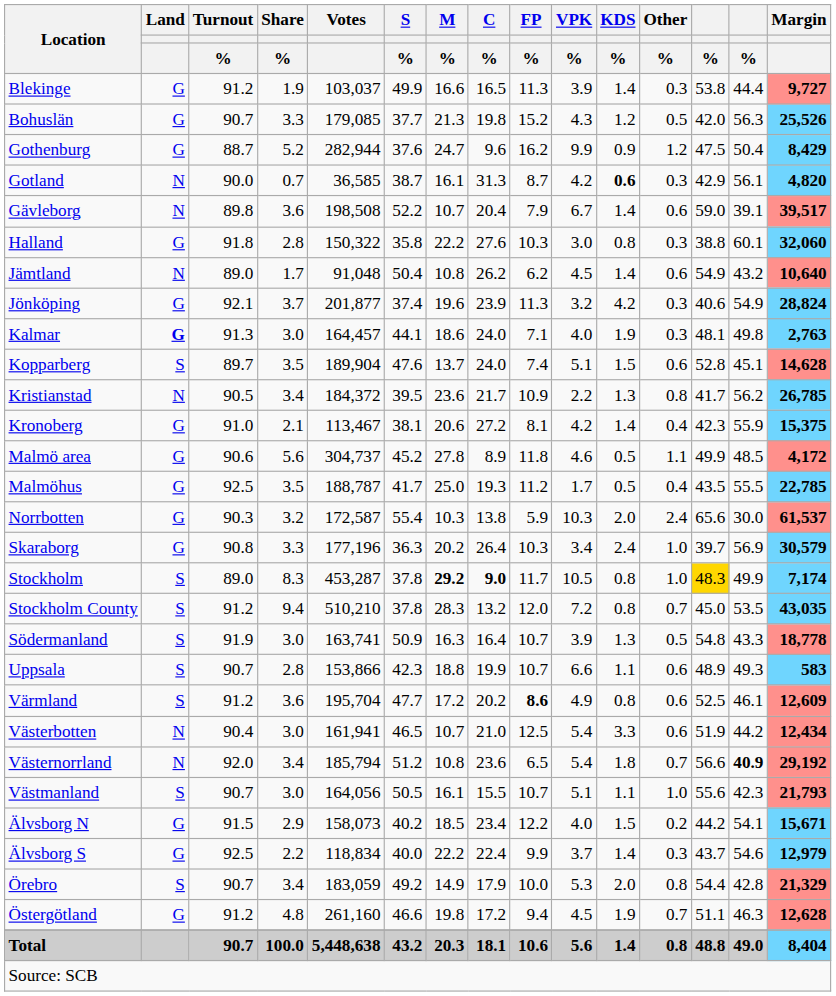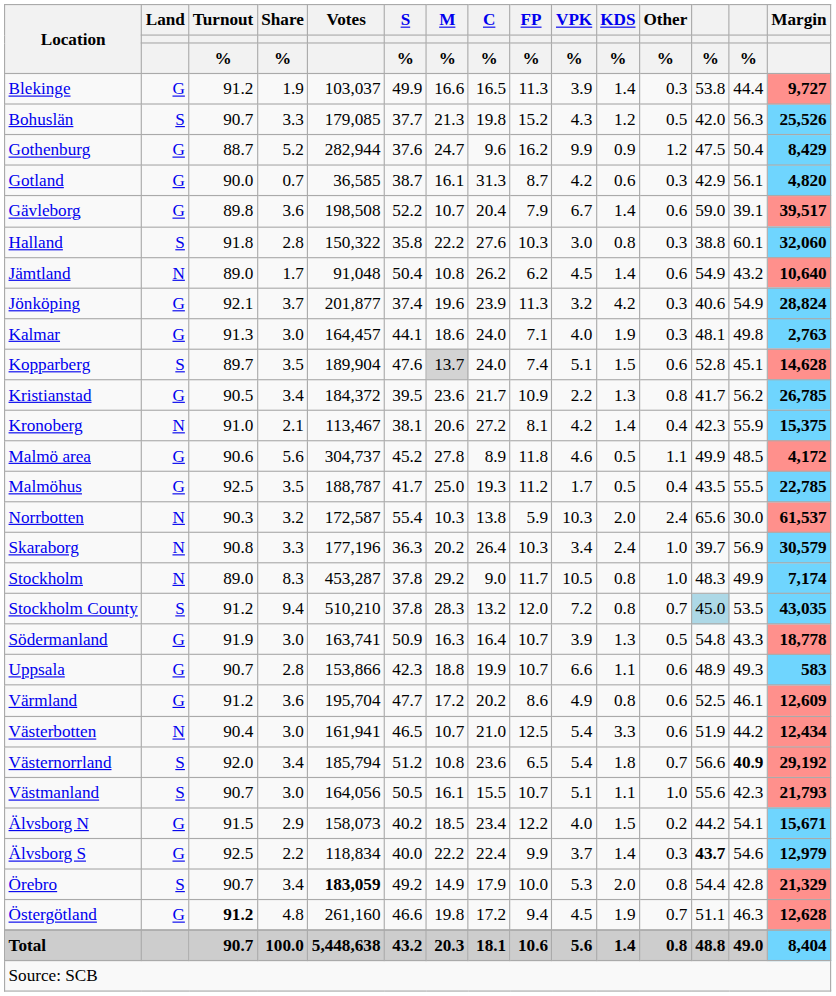 <table class="wikitable sortable" style="text-align:right; font-size:95%; line-height:20px;">
 <tr>
 <th rowspan="3">Location</th>
 <th>Land</th>
 <th>Turnout</th>
 <th>Share</th>
 <th>Votes</th>
 <th width="30px" class="unsortable"><a href='#'>S</a></th>
 <th width="30px" class="unsortable"><a href='#'>M</a></th>
 <th width="30px" class="unsortable"><a href='#'>C</a></th>
 <th width="30px" class="unsortable"><a href='#'>FP</a></th>
 <th width="30px" class="unsortable"><a href='#'>VPK</a></th>
 <th width="30px" class="unsortable"><a href='#'>KDS</a></th>
 <th width="30px" class="unsortable">Other</th>
 <th></th>
 <th></th>
 <th>Margin</th>
 </tr>
 <tr>
 <th></th>
 <th></th>
 <th></th>
 <th></th>
 <th style="background:"></th>
 <th style="background:"></th>
 <th style="background:"></th>
 <th style="background:"></th>
 <th style="background:"></th>
 <th style="background:"></th>
 <th style="background:"></th>
 <th style="background:"></th>
 <th style="background:"></th>
 <th></th>
 </tr>
 <tr>
 <th></th>
 <th data-sort-type="number">%</th>
 <th data-sort-type="number">%</th>
 <th></th>
 <th data-sort-type="number">%</th>
 <th data-sort-type="number">%</th>
 <th data-sort-type="number">%</th>
 <th data-sort-type="number">%</th>
 <th data-sort-type="number">%</th>
 <th data-sort-type="number">%</th>
 <th data-sort-type="number">%</th>
 <th data-sort-type="number">%</th>
 <th data-sort-type="number">%</th>
 <th data-sort-type="number"></th>
 </tr>
 <tr>
 <td align=left><a href='#'>Blekinge</a></td>
 <td><a href='#'>G</a></td>
 <td>91.2</td>
 <td>1.9</td>
 <td>103,037</td>
 <td>49.9</td>
 <td>16.6</td>
 <td>16.5</td>
 <td>11.3</td>
 <td>3.9</td>
 <td>1.4</td>
 <td>0.3</td>
 <td>53.8</td>
 <td>44.4</td>
 <td bgcolor=#ff908c><strong>9,727</strong></td>
 </tr>
 <tr>
 <td align=left><a href='#'>Bohuslän</a></td>
-<td><a href='#'>G</a></td>
+<td><a href='#'>S</a></td>
 <td>90.7</td>
 <td>3.3</td>
 <td>179,085</td>
 <td>37.7</td>
 <td>21.3</td>
 <td>19.8</td>
 <td>15.2</td>
 <td>4.3</td>
 <td>1.2</td>
 <td>0.5</td>
 <td>42.0</td>
 <td>56.3</td>
 <td bgcolor=#6fd5fe><strong>25,526</strong></td>
 </tr>
 <tr>
 <td align=left><a href='#'>Gothenburg</a></td>
 <td><a href='#'>G</a></td>
 <td>88.7</td>
 <td>5.2</td>
 <td>282,944</td>
 <td>37.6</td>
 <td>24.7</td>
 <td>9.6</td>
 <td>16.2</td>
 <td>9.9</td>
 <td>0.9</td>
 <td>1.2</td>
 <td>47.5</td>
 <td>50.4</td>
 <td bgcolor=#6fd5fe><strong>8,429</strong></td>
 </tr>
 <tr>
 <td align=left><a href='#'>Gotland</a></td>
-<td><a href='#'>N</a></td>
+<td><a href='#'>G</a></td>
 <td>90.0</td>
 <td>0.7</td>
 <td>36,585</td>
 <td>38.7</td>
 <td>16.1</td>
 <td>31.3</td>
 <td>8.7</td>
 <td>4.2</td>
-<td><strong>0.6</strong></td>
+<td>0.6</td>
 <td>0.3</td>
 <td>42.9</td>
 <td>56.1</td>
 <td bgcolor=#6fd5fe><strong>4,820</strong></td>
 </tr>
 <tr>
 <td align=left><a href='#'>Gävleborg</a></td>
-<td><a href='#'>N</a></td>
+<td><a href='#'>G</a></td>
 <td>89.8</td>
 <td>3.6</td>
 <td>198,508</td>
 <td>52.2</td>
 <td>10.7</td>
 <td>20.4</td>
 <td>7.9</td>
 <td>6.7</td>
 <td>1.4</td>
 <td>0.6</td>
 <td>59.0</td>
 <td>39.1</td>
 <td bgcolor=#ff908c><strong>39,517</strong></td>
 </tr>
 <tr>
 <td align=left><a href='#'>Halland</a></td>
-<td><a href='#'>G</a></td>
+<td><a href='#'>S</a></td>
 <td>91.8</td>
 <td>2.8</td>
 <td>150,322</td>
 <td>35.8</td>
 <td>22.2</td>
 <td>27.6</td>
 <td>10.3</td>
 <td>3.0</td>
 <td>0.8</td>
 <td>0.3</td>
 <td>38.8</td>
 <td>60.1</td>
 <td bgcolor=#6fd5fe><strong>32,060</strong></td>
 </tr>
 <tr>
 <td align=left><a href='#'>Jämtland</a></td>
 <td><a href='#'>N</a></td>
 <td>89.0</td>
 <td>1.7</td>
 <td>91,048</td>
 <td>50.4</td>
 <td>10.8</td>
 <td>26.2</td>
 <td>6.2</td>
 <td>4.5</td>
 <td>1.4</td>
 <td>0.6</td>
 <td>54.9</td>
 <td>43.2</td>
 <td bgcolor=#ff908c><strong>10,640</strong></td>
 </tr>
 <tr>
 <td align=left><a href='#'>Jönköping</a></td>
 <td><a href='#'>G</a></td>
 <td>92.1</td>
 <td>3.7</td>
 <td>201,877</td>
 <td>37.4</td>
 <td>19.6</td>
 <td>23.9</td>
 <td>11.3</td>
 <td>3.2</td>
 <td>4.2</td>
 <td>0.3</td>
 <td>40.6</td>
 <td>54.9</td>
 <td bgcolor=#6fd5fe><strong>28,824</strong></td>
 </tr>
 <tr>
 <td align=left><a href='#'>Kalmar</a></td>
-<td><strong><a href='#'>G</a></strong></td>
+<td><a href='#'>G</a></td>
 <td>91.3</td>
 <td>3.0</td>
 <td>164,457</td>
 <td>44.1</td>
 <td>18.6</td>
 <td>24.0</td>
 <td>7.1</td>
 <td>4.0</td>
 <td>1.9</td>
 <td>0.3</td>
 <td>48.1</td>
 <td>49.8</td>
 <td bgcolor=#6fd5fe><strong>2,763</strong></td>
 </tr>
 <tr>
 <td align=left><a href='#'>Kopparberg</a></td>
 <td><a href='#'>S</a></td>
 <td>89.7</td>
 <td>3.5</td>
 <td>189,904</td>
 <td>47.6</td>
-<td>13.7</td>
+<td style="background: lightgrey;">13.7</td>
 <td>24.0</td>
 <td>7.4</td>
 <td>5.1</td>
 <td>1.5</td>
 <td>0.6</td>
 <td>52.8</td>
 <td>45.1</td>
 <td bgcolor=#ff908c><strong>14,628</strong></td>
 </tr>
 <tr>
 <td align=left><a href='#'>Kristianstad</a></td>
-<td><a href='#'>N</a></td>
+<td><a href='#'>G</a></td>
 <td>90.5</td>
 <td>3.4</td>
 <td>184,372</td>
 <td>39.5</td>
 <td>23.6</td>
 <td>21.7</td>
 <td>10.9</td>
 <td>2.2</td>
 <td>1.3</td>
 <td>0.8</td>
 <td>41.7</td>
 <td>56.2</td>
 <td bgcolor=#6fd5fe><strong>26,785</strong></td>
 </tr>
 <tr>
 <td align=left><a href='#'>Kronoberg</a></td>
-<td><a href='#'>G</a></td>
+<td><a href='#'>N</a></td>
 <td>91.0</td>
 <td>2.1</td>
 <td>113,467</td>
 <td>38.1</td>
 <td>20.6</td>
 <td>27.2</td>
 <td>8.1</td>
 <td>4.2</td>
 <td>1.4</td>
 <td>0.4</td>
 <td>42.3</td>
 <td>55.9</td>
 <td bgcolor=#6fd5fe><strong>15,375</strong></td>
 </tr>
 <tr>
 <td align=left><a href='#'>Malmö area</a></td>
 <td><a href='#'>G</a></td>
 <td>90.6</td>
 <td>5.6</td>
 <td>304,737</td>
 <td>45.2</td>
 <td>27.8</td>
 <td>8.9</td>
 <td>11.8</td>
 <td>4.6</td>
 <td>0.5</td>
 <td>1.1</td>
 <td>49.9</td>
 <td>48.5</td>
 <td bgcolor=#ff908c><strong>4,172</strong></td>
 </tr>
 <tr>
 <td align=left><a href='#'>Malmöhus</a></td>
 <td><a href='#'>G</a></td>
 <td>92.5</td>
 <td>3.5</td>
 <td>188,787</td>
 <td>41.7</td>
 <td>25.0</td>
 <td>19.3</td>
 <td>11.2</td>
 <td>1.7</td>
 <td>0.5</td>
 <td>0.4</td>
 <td>43.5</td>
 <td>55.5</td>
 <td bgcolor=#6fd5fe><strong>22,785</strong></td>
 </tr>
 <tr>
 <td align=left><a href='#'>Norrbotten</a></td>
-<td><a href='#'>G</a></td>
+<td><a href='#'>N</a></td>
 <td>90.3</td>
 <td>3.2</td>
 <td>172,587</td>
 <td>55.4</td>
 <td>10.3</td>
 <td>13.8</td>
 <td>5.9</td>
 <td>10.3</td>
 <td>2.0</td>
 <td>2.4</td>
 <td>65.6</td>
 <td>30.0</td>
 <td bgcolor=#ff908c><strong>61,537</strong></td>
 </tr>
 <tr>
 <td align=left><a href='#'>Skaraborg</a></td>
-<td><a href='#'>G</a></td>
+<td><a href='#'>N</a></td>
 <td>90.8</td>
 <td>3.3</td>
 <td>177,196</td>
 <td>36.3</td>
 <td>20.2</td>
 <td>26.4</td>
 <td>10.3</td>
 <td>3.4</td>
 <td>2.4</td>
 <td>1.0</td>
 <td>39.7</td>
 <td>56.9</td>
 <td bgcolor=#6fd5fe><strong>30,579</strong></td>
 </tr>
 <tr>
 <td align=left><a href='#'>Stockholm</a></td>
-<td><a href='#'>S</a></td>
+<td><a href='#'>N</a></td>
 <td>89.0</td>
 <td>8.3</td>
 <td>453,287</td>
 <td>37.8</td>
-<td><strong>29.2</strong></td>
-<td><strong>9.0</strong></td>
+<td>29.2</td>
+<td>9.0</td>
 <td>11.7</td>
 <td>10.5</td>
 <td>0.8</td>
 <td>1.0</td>
-<td style="background: gold;">48.3</td>
+<td>48.3</td>
 <td>49.9</td>
 <td bgcolor=#6fd5fe><strong>7,174</strong></td>
 </tr>
 <tr>
 <td align=left><a href='#'>Stockholm County</a></td>
 <td><a href='#'>S</a></td>
 <td>91.2</td>
 <td>9.4</td>
 <td>510,210</td>
 <td>37.8</td>
 <td>28.3</td>
 <td>13.2</td>
 <td>12.0</td>
 <td>7.2</td>
 <td>0.8</td>
 <td>0.7</td>
-<td>45.0</td>
+<td style="background: lightblue;">45.0</td>
 <td>53.5</td>
 <td bgcolor=#6fd5fe><strong>43,035</strong></td>
 </tr>
 <tr>
 <td align=left><a href='#'>Södermanland</a></td>
-<td><a href='#'>S</a></td>
+<td><a href='#'>G</a></td>
 <td>91.9</td>
 <td>3.0</td>
 <td>163,741</td>
 <td>50.9</td>
 <td>16.3</td>
 <td>16.4</td>
 <td>10.7</td>
 <td>3.9</td>
 <td>1.3</td>
 <td>0.5</td>
 <td>54.8</td>
 <td>43.3</td>
 <td bgcolor=#ff908c><strong>18,778</strong></td>
 </tr>
 <tr>
 <td align=left><a href='#'>Uppsala</a></td>
-<td><a href='#'>S</a></td>
+<td><a href='#'>G</a></td>
 <td>90.7</td>
 <td>2.8</td>
 <td>153,866</td>
 <td>42.3</td>
 <td>18.8</td>
 <td>19.9</td>
 <td>10.7</td>
 <td>6.6</td>
 <td>1.1</td>
 <td>0.6</td>
 <td>48.9</td>
 <td>49.3</td>
 <td bgcolor=#6fd5fe><strong>583</strong></td>
 </tr>
 <tr>
 <td align=left><a href='#'>Värmland</a></td>
-<td><a href='#'>S</a></td>
+<td><a href='#'>G</a></td>
 <td>91.2</td>
 <td>3.6</td>
 <td>195,704</td>
 <td>47.7</td>
 <td>17.2</td>
 <td>20.2</td>
-<td><strong>8.6</strong></td>
+<td>8.6</td>
 <td>4.9</td>
 <td>0.8</td>
 <td>0.6</td>
 <td>52.5</td>
 <td>46.1</td>
 <td bgcolor=#ff908c><strong>12,609</strong></td>
 </tr>
 <tr>
 <td align=left><a href='#'>Västerbotten</a></td>
 <td><a href='#'>N</a></td>
 <td>90.4</td>
 <td>3.0</td>
 <td>161,941</td>
 <td>46.5</td>
 <td>10.7</td>
 <td>21.0</td>
 <td>12.5</td>
 <td>5.4</td>
 <td>3.3</td>
 <td>0.6</td>
 <td>51.9</td>
 <td>44.2</td>
 <td bgcolor=#ff908c><strong>12,434</strong></td>
 </tr>
 <tr>
 <td align=left><a href='#'>Västernorrland</a></td>
-<td><a href='#'>N</a></td>
+<td><a href='#'>S</a></td>
 <td>92.0</td>
 <td>3.4</td>
 <td>185,794</td>
 <td>51.2</td>
 <td>10.8</td>
 <td>23.6</td>
 <td>6.5</td>
 <td>5.4</td>
 <td>1.8</td>
 <td>0.7</td>
 <td>56.6</td>
 <td><strong>40.9</strong></td>
 <td bgcolor=#ff908c><strong>29,192</strong></td>
 </tr>
 <tr>
 <td align=left><a href='#'>Västmanland</a></td>
 <td><a href='#'>S</a></td>
 <td>90.7</td>
 <td>3.0</td>
 <td>164,056</td>
 <td>50.5</td>
 <td>16.1</td>
 <td>15.5</td>
 <td>10.7</td>
 <td>5.1</td>
 <td>1.1</td>
 <td>1.0</td>
 <td>55.6</td>
 <td>42.3</td>
 <td bgcolor=#ff908c><strong>21,793</strong></td>
 </tr>
 <tr>
 <td align=left><a href='#'>Älvsborg N</a></td>
 <td><a href='#'>G</a></td>
 <td>91.5</td>
 <td>2.9</td>
 <td>158,073</td>
 <td>40.2</td>
 <td>18.5</td>
 <td>23.4</td>
 <td>12.2</td>
 <td>4.0</td>
 <td>1.5</td>
 <td>0.2</td>
 <td>44.2</td>
 <td>54.1</td>
 <td bgcolor=#6fd5fe><strong>15,671</strong></td>
 </tr>
 <tr>
 <td align=left><a href='#'>Älvsborg S</a></td>
 <td><a href='#'>G</a></td>
 <td>92.5</td>
 <td>2.2</td>
 <td>118,834</td>
 <td>40.0</td>
 <td>22.2</td>
 <td>22.4</td>
 <td>9.9</td>
 <td>3.7</td>
 <td>1.4</td>
 <td>0.3</td>
-<td>43.7</td>
+<td><strong>43.7</strong></td>
 <td>54.6</td>
 <td bgcolor=#6fd5fe><strong>12,979</strong></td>
 </tr>
 <tr>
 <td align=left><a href='#'>Örebro</a></td>
 <td><a href='#'>S</a></td>
 <td>90.7</td>
 <td>3.4</td>
-<td>183,059</td>
+<td><strong>183,059</strong></td>
 <td>49.2</td>
 <td>14.9</td>
 <td>17.9</td>
 <td>10.0</td>
 <td>5.3</td>
 <td>2.0</td>
 <td>0.8</td>
 <td>54.4</td>
 <td>42.8</td>
 <td bgcolor=#ff908c><strong>21,329</strong></td>
 </tr>
 <tr>
 <td align=left><a href='#'>Östergötland</a></td>
 <td><a href='#'>G</a></td>
-<td>91.2</td>
+<td><strong>91.2</strong></td>
 <td>4.8</td>
 <td>261,160</td>
 <td>46.6</td>
 <td>19.8</td>
 <td>17.2</td>
 <td>9.4</td>
 <td>4.5</td>
 <td>1.9</td>
 <td>0.7</td>
 <td>51.1</td>
 <td>46.3</td>
 <td bgcolor=#ff908c><strong>12,628</strong></td>
 </tr>
 <tr>
 </tr>
 <tr style="background:#CDCDCD;">
 <td align=left><strong>Total</strong></td>
 <td></td>
 <td><strong>90.7</strong></td>
 <td><strong>100.0</strong></td>
 <td><strong>5,448,638</strong></td>
 <td><strong>43.2</strong></td>
 <td><strong>20.3</strong></td>
 <td><strong>18.1</strong></td>
 <td><strong>10.6</strong></td>
 <td><strong>5.6</strong></td>
 <td><strong>1.4</strong></td>
 <td><strong>0.8</strong></td>
 <td><strong>48.8</strong></td>
 <td><strong>49.0</strong></td>
 <td bgcolor=#6fd5fe><strong>8,404</strong></td>
 </tr>
 <tr>
 <td align=left colspan=15>Source: SCB</td>
 </tr>
 </table>
